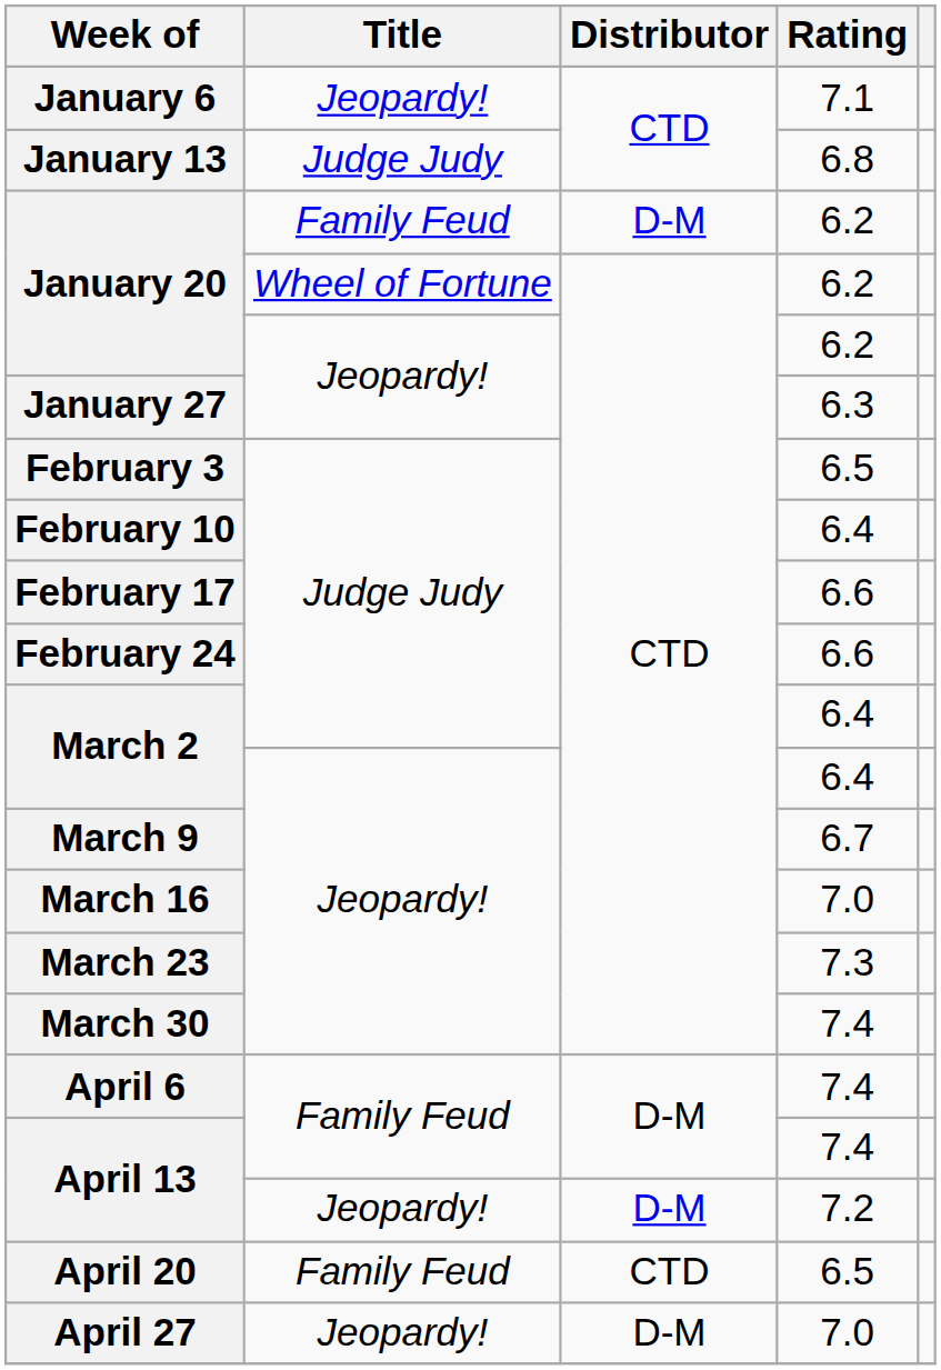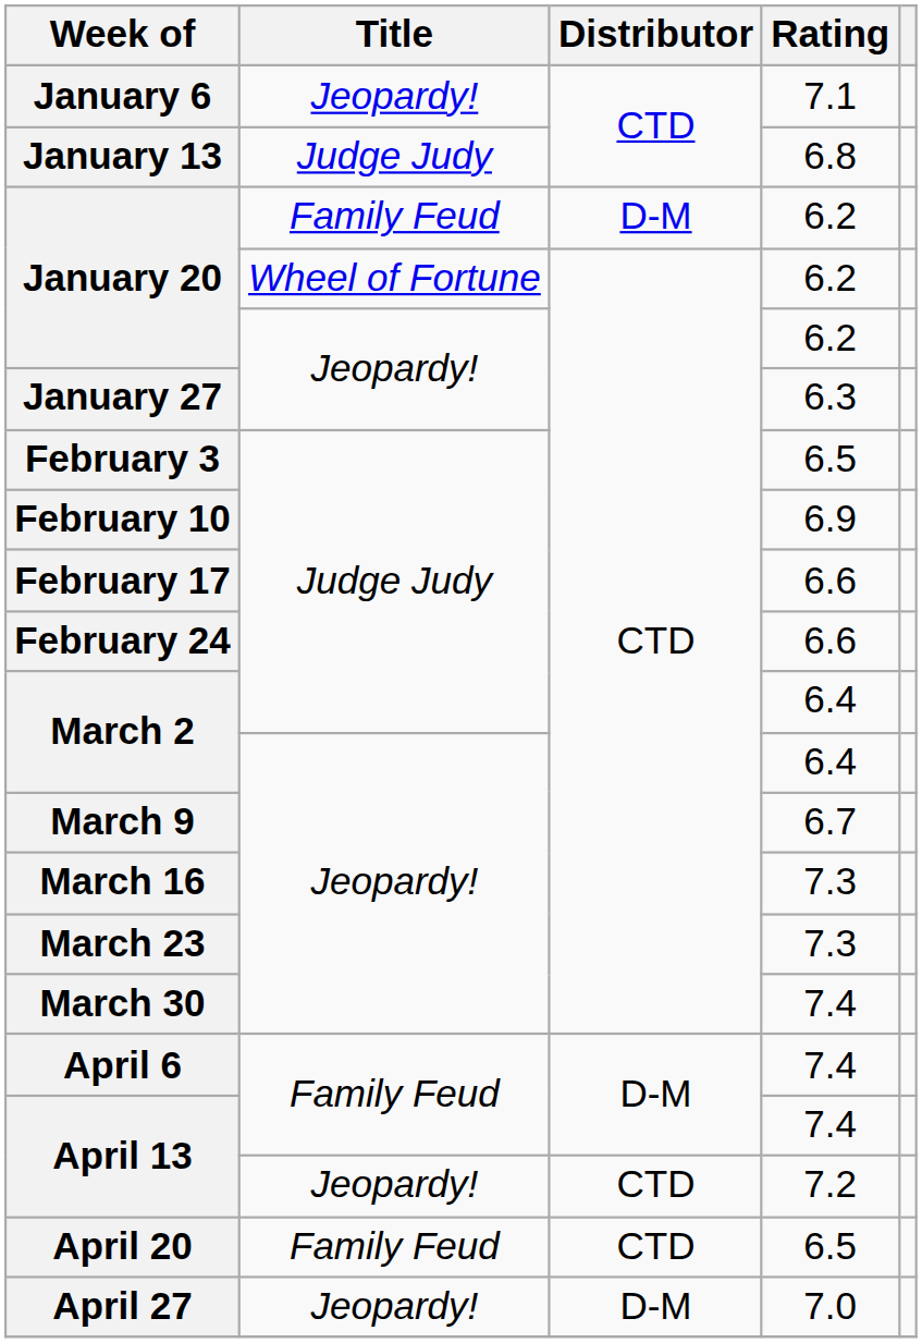 <table class="wikitable plainrowheaders" style="text-align: center; display: inline-table;">
 <tr>
 <th>Week of</th>
 <th>Title</th>
 <th>Distributor</th>
 <th>Rating<br></th>
 <th></th>
 </tr>
 <tr>
 <th scope="row">January 6</th>
 <td><em><a href='#'>Jeopardy!</a></em></td>
 <td rowspan="2"><a href='#'>CTD</a></td>
 <td>7.1</td>
 <td></td>
 </tr>
 <tr>
 <th scope="row">January 13</th>
 <td><em><a href='#'>Judge Judy</a></em></td>
 <td>6.8</td>
 <td></td>
 </tr>
 <tr>
 <th scope="row" rowspan="3">January 20</th>
 <td><em><a href='#'>Family Feud</a></em></td>
 <td><a href='#'>D-M</a></td>
 <td>6.2</td>
 <td></td>
 </tr>
 <tr>
 <td><em><a href='#'>Wheel of Fortune</a></em></td>
 <td rowspan="13">CTD</td>
 <td>6.2</td>
 <td></td>
 </tr>
 <tr>
 <td rowspan="2"><em>Jeopardy!</em></td>
 <td>6.2</td>
 <td></td>
 </tr>
 <tr>
 <th scope="row">January 27</th>
 <td>6.3</td>
 <td></td>
 </tr>
 <tr>
 <th scope="row">February 3</th>
 <td rowspan="5"><em>Judge Judy</em></td>
 <td>6.5</td>
 <td></td>
 </tr>
 <tr>
 <th scope="row">February 10</th>
-<td>6.4</td>
+<td>6.9</td>
 <td></td>
 </tr>
 <tr>
 <th scope="row">February 17</th>
 <td>6.6</td>
 <td></td>
 </tr>
 <tr>
 <th scope="row">February 24</th>
 <td>6.6</td>
 <td></td>
 </tr>
 <tr>
 <th scope="row" rowspan="2">March 2</th>
 <td>6.4</td>
 <td></td>
 </tr>
 <tr>
 <td rowspan="5"><em>Jeopardy!</em></td>
 <td>6.4</td>
 <td></td>
 </tr>
 <tr>
 <th scope="row">March 9</th>
 <td>6.7</td>
 <td></td>
 </tr>
 <tr>
 <th scope="row">March 16</th>
-<td>7.0</td>
+<td>7.3</td>
 <td></td>
 </tr>
 <tr>
 <th scope="row">March 23</th>
 <td>7.3</td>
 <td></td>
 </tr>
 <tr>
 <th scope="row">March 30</th>
 <td>7.4</td>
 <td></td>
 </tr>
 <tr>
 <th scope="row">April 6</th>
 <td rowspan="2"><em>Family Feud</em></td>
 <td rowspan="2">D-M</td>
 <td>7.4</td>
 <td></td>
 </tr>
 <tr>
 <th scope="row" rowspan="2">April 13</th>
 <td>7.4</td>
 <td></td>
 </tr>
 <tr>
 <td><em>Jeopardy!</em></td>
-<td><a href='#'>D-M</a></td>
+<td>CTD</td>
 <td>7.2</td>
 <td></td>
 </tr>
 <tr>
 <th scope="row">April 20</th>
 <td><em>Family Feud</em></td>
 <td>CTD</td>
 <td>6.5</td>
 <td></td>
 </tr>
 <tr>
 <th scope="row">April 27</th>
 <td><em>Jeopardy!</em></td>
 <td>D-M</td>
 <td>7.0</td>
 <td></td>
 </tr>
 <tr>
 </tr>
 </table>
